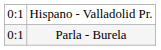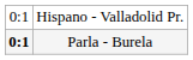 <table class="wikitable">
 <tr align=center bgcolor=white>
 <td>0:1</td>
 <td>Hispano - Valladolid Pr.</td>
 </tr>
 <tr align=center bgcolor=#F5F5F5>
-<td>0:1</td>
+<td><strong>0:1</strong></td>
 <td>Parla - Burela</td>
 </tr>
 </table>
